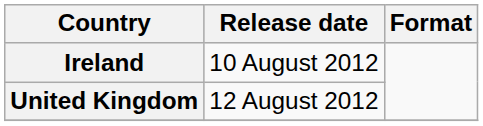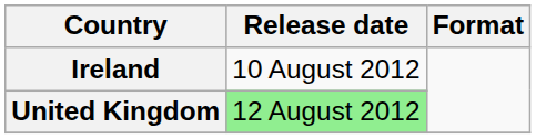 <table class="wikitable plainrowheaders">
 <tr>
 <th scope="col">Country</th>
 <th scope="col">Release date</th>
 <th scope="col">Format</th>
 </tr>
 <tr>
 <th scope="row">Ireland</th>
 <td>10 August 2012</td>
 <td rowspan="2"></td>
 </tr>
 <tr>
 <th scope="row">United Kingdom</th>
-<td>12 August 2012</td>
+<td style="background: lightgreen;">12 August 2012</td>
 </tr>
 <tr>
 </tr>
 </table>
